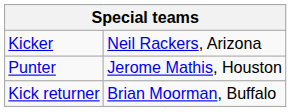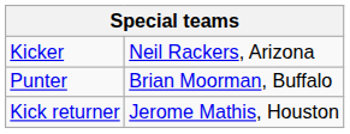 <table class="wikitable" style="font-size: 90%;">
 <tr>
 <th colspan="6">Special teams</th>
 </tr>
 <tr>
 <td><a href='#'>Kicker</a></td>
 <td><a href='#'>Neil Rackers</a>, Arizona</td>
 </tr>
 <tr>
 <td><a href='#'>Punter</a></td>
-<td><a href='#'>Jerome Mathis</a>, Houston</td>
+<td><a href='#'>Brian Moorman</a>, Buffalo</td>
 </tr>
 <tr>
 <td><a href='#'>Kick returner</a></td>
-<td><a href='#'>Brian Moorman</a>, Buffalo</td>
+<td><a href='#'>Jerome Mathis</a>, Houston</td>
 </tr>
 </table>
